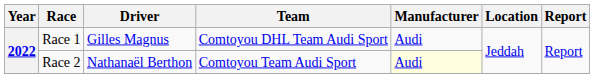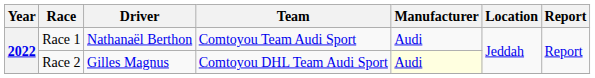 <table class="wikitable" style="font-size: 95%;">
 <tr>
 <th>Year</th>
 <th>Race</th>
 <th>Driver</th>
 <th>Team</th>
 <th>Manufacturer</th>
 <th>Location</th>
 <th>Report</th>
 </tr>
 <tr>
 <th rowspan=2><a href='#'>2022</a></th>
 <td>Race 1</td>
-<td> <a href='#'>Gilles Magnus</a></td>
-<td> <a href='#'>Comtoyou DHL Team Audi Sport</a></td>
+<td> <a href='#'>Nathanaël Berthon</a></td>
+<td> <a href='#'>Comtoyou Team Audi Sport</a></td>
 <td> <a href='#'>Audi</a></td>
 <td rowspan=2><a href='#'>Jeddah</a></td>
 <td rowspan=2><a href='#'>Report</a></td>
 </tr>
 <tr>
 <td>Race 2</td>
-<td> <a href='#'>Nathanaël Berthon</a></td>
-<td> <a href='#'>Comtoyou Team Audi Sport</a></td>
+<td> <a href='#'>Gilles Magnus</a></td>
+<td> <a href='#'>Comtoyou DHL Team Audi Sport</a></td>
 <td style="background: lightyellow;"> <a href='#'>Audi</a></td>
 </tr>
 <tr>
 </tr>
 </table>
